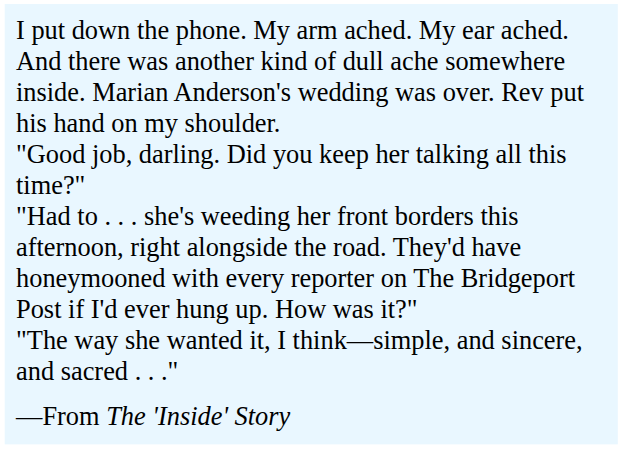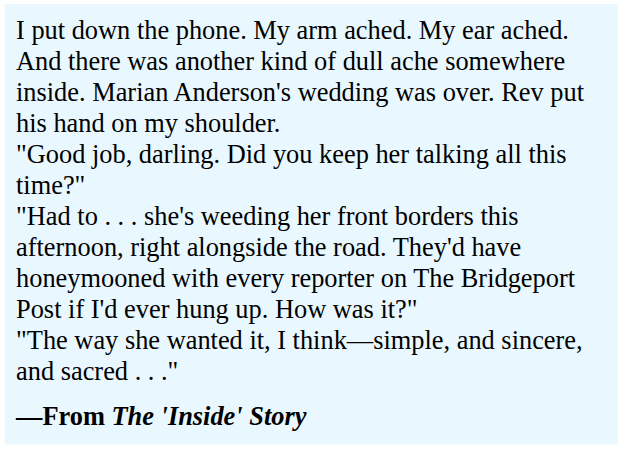 <table class="toccolours" style="float: right; margin-left: 1em; margin-right: 2em; font-size: 85%; background:#E9F7FF; color:black; width:28em; max-width: 25%;" cellspacing="5">
 <tr>
 <td style="text-align: left;">I put down the phone. My arm ached. My ear ached. And there was another kind of dull ache somewhere inside. Marian Anderson's wedding was over. Rev put his hand on my shoulder.<br>"Good job, darling. Did you keep her talking all this time?"<br>"Had to . . . she's weeding her front borders this afternoon, right alongside the road. They'd have honeymooned with every reporter on The Bridgeport Post if I'd ever hung up. How was it?"<br>"The way she wanted it, I think—simple, and sincere, and sacred . . ."</td>
 </tr>
 <tr>
-<td style="text-align: left;">—From <em>The 'Inside' Story</em></td>
+<td style="text-align: left;"><strong>—From <em>The 'Inside' Story</em></strong></td>
 </tr>
 </table>
